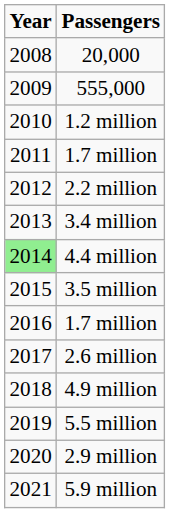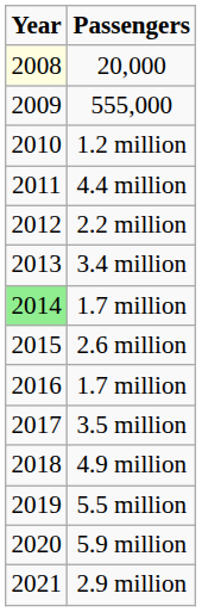 <table class="wikitable" style="border-collapse:collapse;text-align:center">
 <tr>
 <td><strong>Year</strong></td>
 <td><strong>Passengers</strong></td>
 </tr>
 <tr>
-<td>2008</td>
+<td style="background: lightyellow;">2008</td>
 <td>20,000</td>
 </tr>
 <tr>
 <td>2009</td>
 <td>555,000</td>
 </tr>
 <tr>
 <td>2010</td>
 <td>1.2 million</td>
 </tr>
 <tr>
 <td>2011</td>
-<td>1.7 million</td>
+<td>4.4 million</td>
 </tr>
 <tr>
 <td>2012</td>
 <td>2.2 million</td>
 </tr>
 <tr>
 <td>2013</td>
 <td>3.4 million</td>
 </tr>
 <tr>
 <td style="background: lightgreen;">2014</td>
-<td>4.4 million</td>
+<td>1.7 million</td>
 </tr>
 <tr>
 <td>2015</td>
-<td>3.5 million</td>
+<td>2.6 million</td>
 </tr>
 <tr>
 <td>2016</td>
 <td>1.7 million</td>
 </tr>
 <tr>
 <td>2017</td>
-<td>2.6 million</td>
+<td>3.5 million</td>
 </tr>
 <tr>
 <td>2018</td>
 <td>4.9 million</td>
 </tr>
 <tr>
 <td>2019</td>
 <td>5.5 million</td>
 </tr>
 <tr>
 <td>2020</td>
-<td>2.9 million</td>
+<td>5.9 million </td>
 </tr>
 <tr>
 <td>2021</td>
-<td>5.9 million </td>
+<td>2.9 million</td>
 </tr>
 </table>
